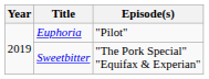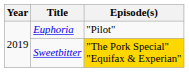 <table class="wikitable">
 <tr>
 <th>Year</th>
 <th>Title</th>
 <th>Episode(s)</th>
 </tr>
 <tr>
 <td rowspan=2>2019</td>
 <td><em><a href='#'>Euphoria</a></em></td>
 <td>"Pilot"</td>
 </tr>
 <tr>
 <td><em><a href='#'>Sweetbitter</a></em></td>
-<td>"The Pork Special"<br>"Equifax & Experian"</td>
+<td style="background: gold;">"The Pork Special"<br>"Equifax & Experian"</td>
 </tr>
 </table>
